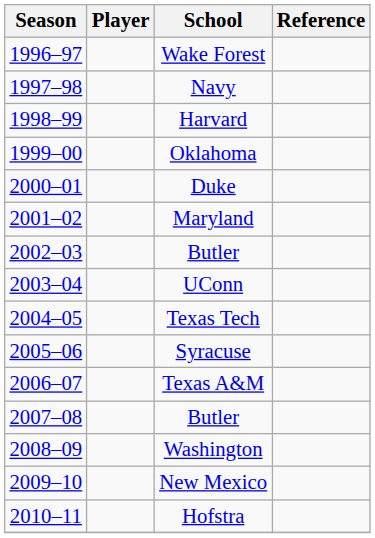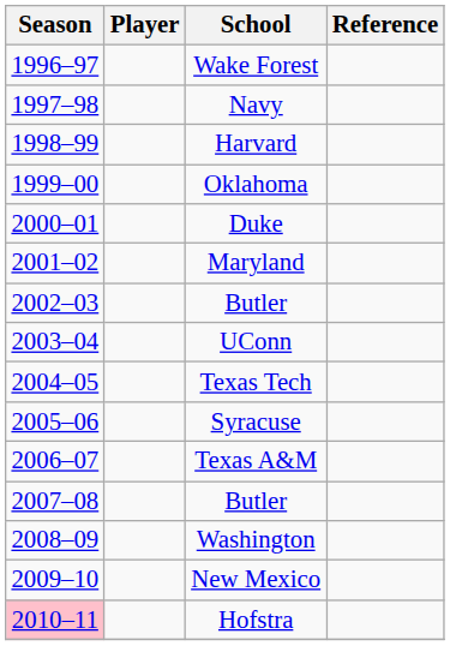 <table class="wikitable sortable" style="text-align:center;">
 <tr>
 <th>Season</th>
 <th>Player</th>
 <th>School</th>
 <th class="unsortable">Reference</th>
 </tr>
 <tr align="center">
 <td><a href='#'>1996–97</a></td>
 <td></td>
 <td><a href='#'>Wake Forest</a></td>
 <td></td>
 </tr>
 <tr align="center">
 <td><a href='#'>1997–98</a></td>
 <td></td>
 <td><a href='#'>Navy</a></td>
 <td></td>
 </tr>
 <tr align="center">
 <td><a href='#'>1998–99</a></td>
 <td></td>
 <td><a href='#'>Harvard</a></td>
 <td></td>
 </tr>
 <tr align="center">
 <td><a href='#'>1999–00</a></td>
 <td></td>
 <td><a href='#'>Oklahoma</a></td>
 <td></td>
 </tr>
 <tr align="center">
 <td><a href='#'>2000–01</a></td>
 <td></td>
 <td><a href='#'>Duke</a></td>
 <td></td>
 </tr>
 <tr align="center">
 <td><a href='#'>2001–02</a></td>
 <td></td>
 <td><a href='#'>Maryland</a></td>
 <td></td>
 </tr>
 <tr align="center">
 <td><a href='#'>2002–03</a></td>
 <td></td>
 <td><a href='#'>Butler</a></td>
 <td></td>
 </tr>
 <tr align="center">
 <td><a href='#'>2003–04</a></td>
 <td></td>
 <td><a href='#'>UConn</a></td>
 <td></td>
 </tr>
 <tr align="center">
 <td><a href='#'>2004–05</a></td>
 <td></td>
 <td><a href='#'>Texas Tech</a></td>
 <td></td>
 </tr>
 <tr align="center">
 <td><a href='#'>2005–06</a></td>
 <td></td>
 <td><a href='#'>Syracuse</a></td>
 <td></td>
 </tr>
 <tr align="center">
 <td><a href='#'>2006–07</a></td>
 <td></td>
 <td><a href='#'>Texas A&M</a></td>
 <td></td>
 </tr>
 <tr align="center">
 <td><a href='#'>2007–08</a></td>
 <td></td>
 <td><a href='#'>Butler</a></td>
 <td></td>
 </tr>
 <tr align="center">
 <td><a href='#'>2008–09</a></td>
 <td></td>
 <td><a href='#'>Washington</a></td>
 <td></td>
 </tr>
 <tr align="center">
 <td><a href='#'>2009–10</a></td>
 <td></td>
 <td><a href='#'>New Mexico</a></td>
 <td></td>
 </tr>
 <tr align="center">
-<td><a href='#'>2010–11</a></td>
+<td style="background: pink;"><a href='#'>2010–11</a></td>
 <td></td>
 <td><a href='#'>Hofstra</a></td>
 <td></td>
 </tr>
 <tr>
 </tr>
 </table>
